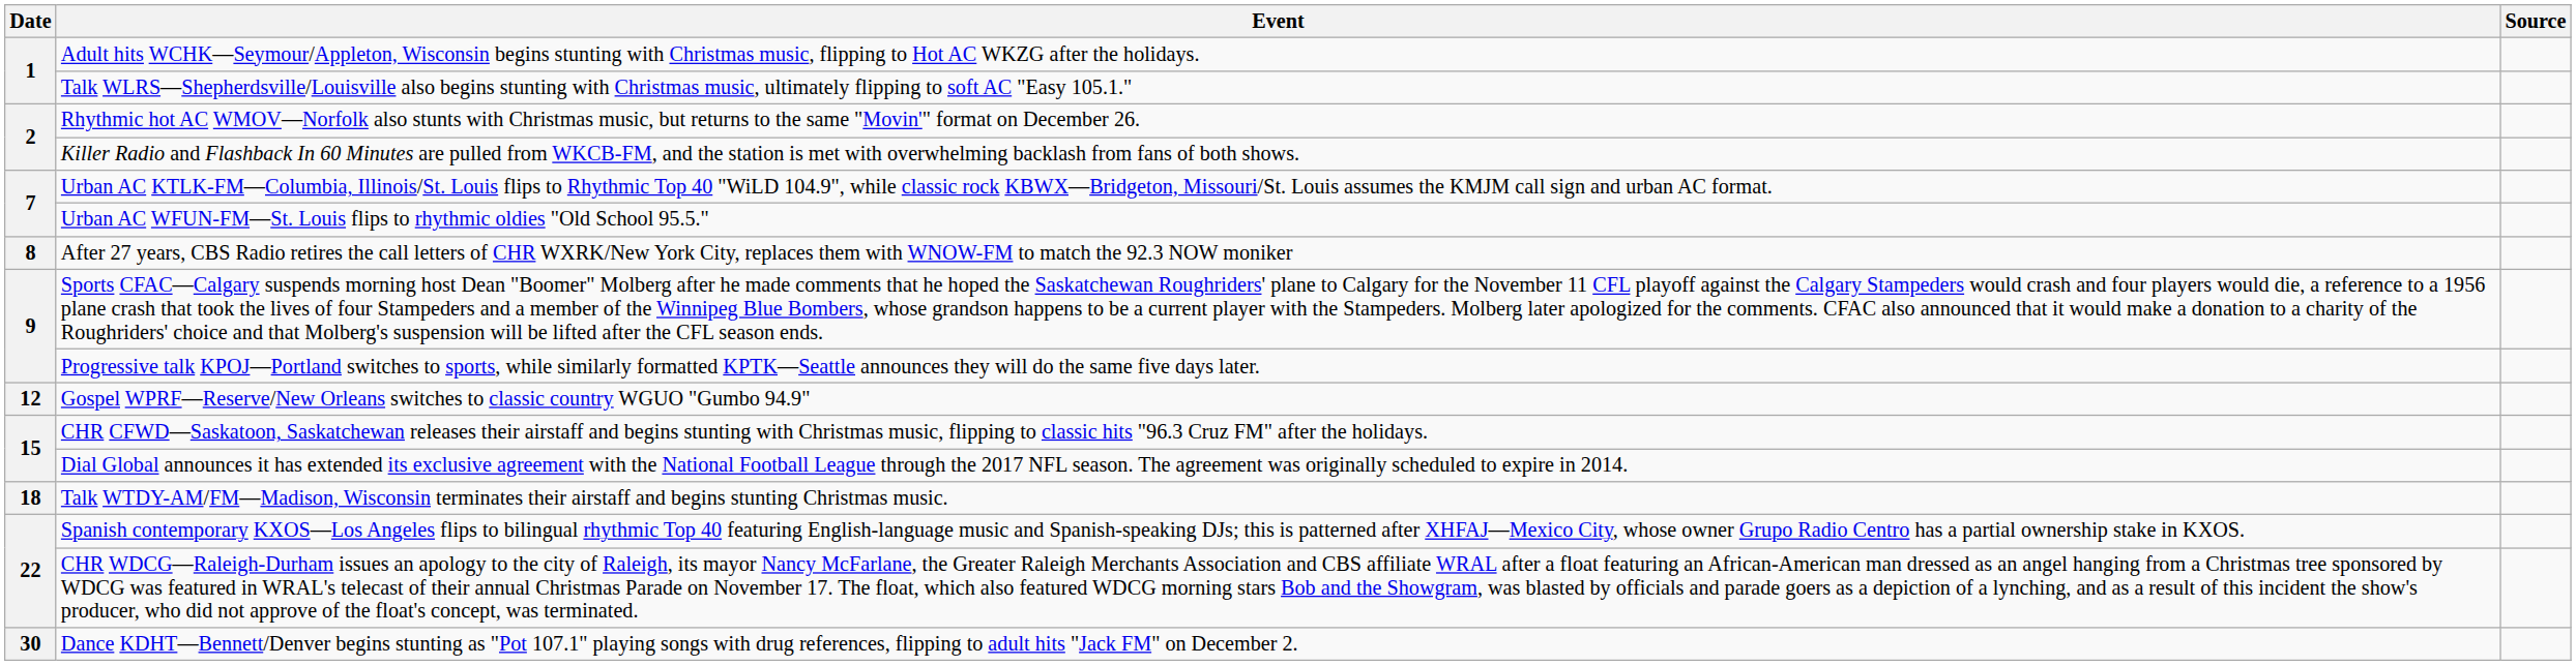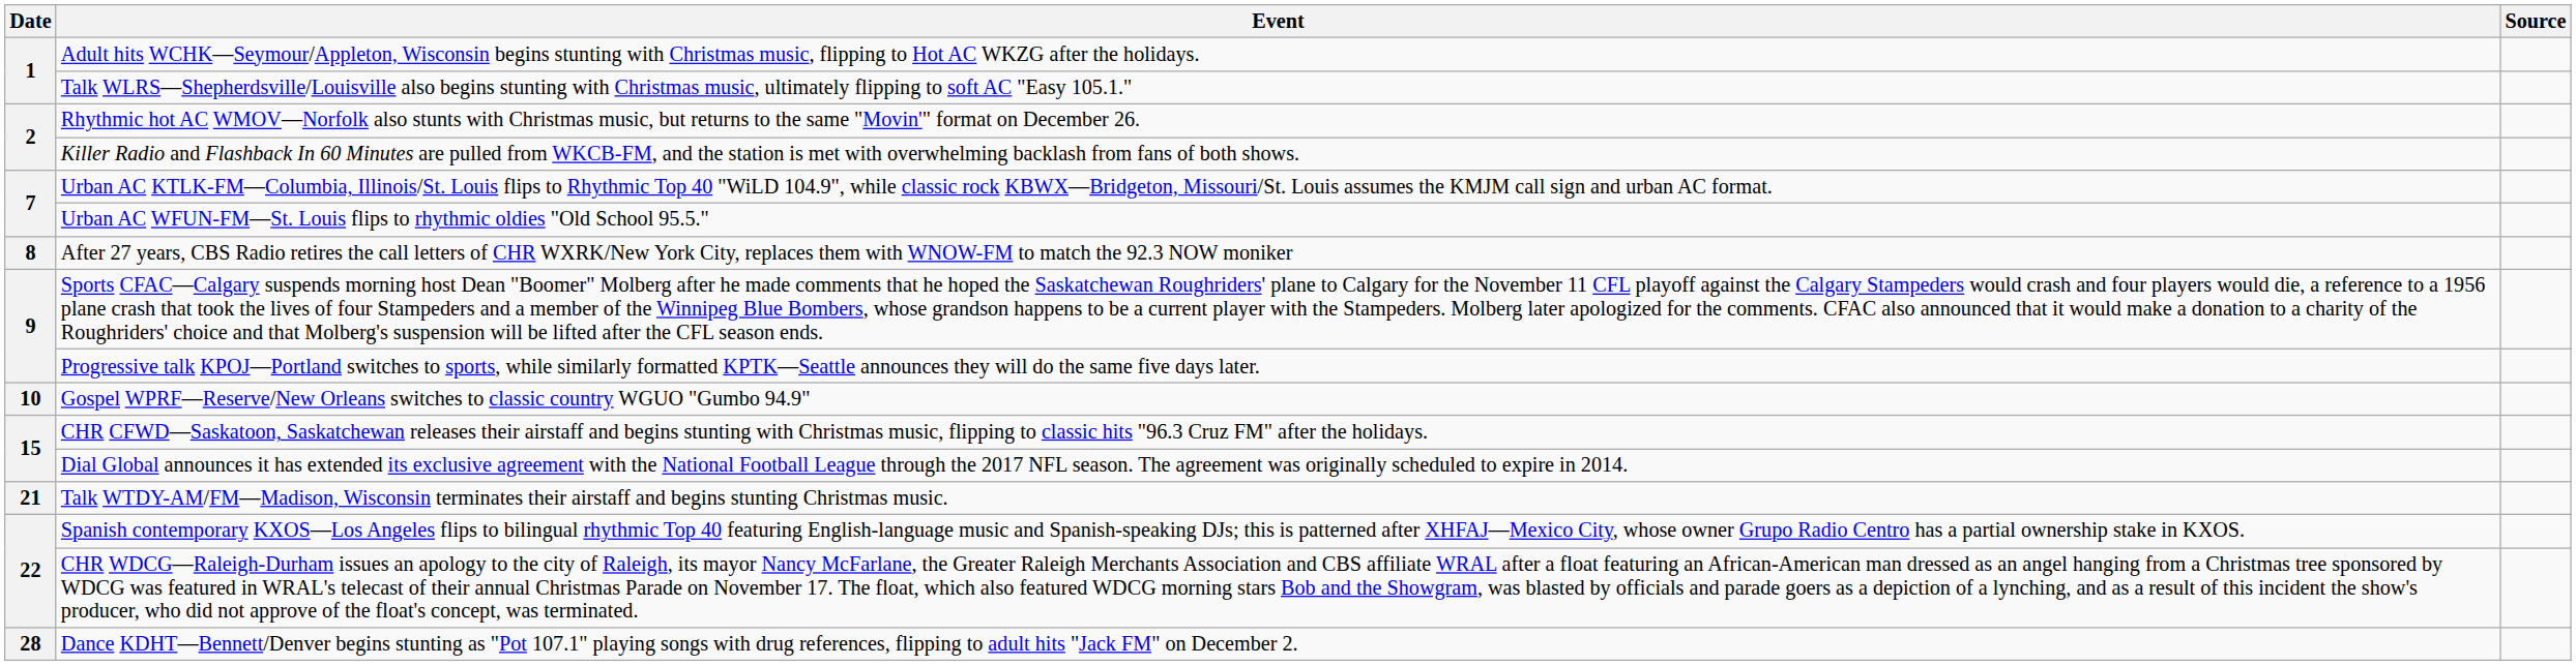 <table class=wikitable>
 <tr>
 <th>Date</th>
 <th>Event</th>
 <th>Source</th>
 </tr>
 <tr>
 <th rowspan="2">1</th>
 <td><a href='#'>Adult hits</a> <a href='#'>WCHK</a>—<a href='#'>Seymour</a>/<a href='#'>Appleton, Wisconsin</a> begins stunting with <a href='#'>Christmas music</a>, flipping to <a href='#'>Hot AC</a> WKZG after the holidays.</td>
 <td></td>
 </tr>
 <tr>
 <td><a href='#'>Talk</a> <a href='#'>WLRS</a>—<a href='#'>Shepherdsville</a>/<a href='#'>Louisville</a> also begins stunting with <a href='#'>Christmas music</a>, ultimately flipping to <a href='#'>soft AC</a> "Easy 105.1."</td>
 <td></td>
 </tr>
 <tr>
 <th rowspan="2">2</th>
 <td><a href='#'>Rhythmic hot AC</a> <a href='#'>WMOV</a>—<a href='#'>Norfolk</a> also stunts with Christmas music, but returns to the same "<a href='#'>Movin'</a>" format on December 26.</td>
 <td></td>
 </tr>
 <tr>
 <td><em>Killer Radio</em> and <em>Flashback In 60 Minutes</em> are pulled from <a href='#'>WKCB-FM</a>, and the station is met with overwhelming backlash from fans of both shows.</td>
 <td></td>
 </tr>
 <tr>
 <th rowspan="2">7</th>
 <td><a href='#'>Urban AC</a> <a href='#'>KTLK-FM</a>—<a href='#'>Columbia, Illinois</a>/<a href='#'>St. Louis</a> flips to <a href='#'>Rhythmic Top 40</a> "WiLD 104.9", while <a href='#'>classic rock</a> <a href='#'>KBWX</a>—<a href='#'>Bridgeton, Missouri</a>/St. Louis assumes the KMJM call sign and urban AC format.</td>
 <td></td>
 </tr>
 <tr>
 <td><a href='#'>Urban AC</a> <a href='#'>WFUN-FM</a>—<a href='#'>St. Louis</a> flips to <a href='#'>rhythmic oldies</a> "Old School 95.5."</td>
 <td></td>
 </tr>
 <tr>
 <th>8</th>
 <td>After 27 years, CBS Radio retires the call letters of <a href='#'>CHR</a> WXRK/New York City, replaces them with <a href='#'>WNOW-FM</a> to match the 92.3 NOW moniker</td>
 <td></td>
 </tr>
 <tr>
 <th rowspan="2">9</th>
 <td><a href='#'>Sports</a> <a href='#'>CFAC</a>—<a href='#'>Calgary</a> suspends morning host Dean "Boomer" Molberg after he made comments that he hoped the <a href='#'>Saskatchewan Roughriders</a>' plane to Calgary for the November 11 <a href='#'>CFL</a> playoff against the <a href='#'>Calgary Stampeders</a> would crash and four players would die, a reference to a 1956 plane crash that took the lives of four Stampeders and a member of the <a href='#'>Winnipeg Blue Bombers</a>, whose grandson happens to be a current player with the Stampeders. Molberg later apologized for the comments. CFAC also announced that it would make a donation to a charity of the Roughriders' choice and that Molberg's suspension will be lifted after the CFL season ends.</td>
 <td></td>
 </tr>
 <tr>
 <td><a href='#'>Progressive talk</a> <a href='#'>KPOJ</a>—<a href='#'>Portland</a> switches to <a href='#'>sports</a>, while similarly formatted <a href='#'>KPTK</a>—<a href='#'>Seattle</a> announces they will do the same five days later.</td>
 <td></td>
 </tr>
 <tr>
-<th>12</th>
+<th>10</th>
 <td><a href='#'>Gospel</a> <a href='#'>WPRF</a>—<a href='#'>Reserve</a>/<a href='#'>New Orleans</a> switches to <a href='#'>classic country</a> WGUO "Gumbo 94.9"</td>
 <td></td>
 </tr>
 <tr>
 <th rowspan="2">15</th>
 <td><a href='#'>CHR</a> <a href='#'>CFWD</a>—<a href='#'>Saskatoon, Saskatchewan</a> releases their airstaff and begins stunting with Christmas music, flipping to <a href='#'>classic hits</a> "96.3 Cruz FM" after the holidays.</td>
 <td></td>
 </tr>
 <tr>
 <td><a href='#'>Dial Global</a> announces it has extended <a href='#'>its exclusive agreement</a> with the <a href='#'>National Football League</a> through the 2017 NFL season. The agreement was originally scheduled to expire in 2014.</td>
 <td></td>
 </tr>
 <tr>
-<th>18</th>
+<th>21</th>
 <td><a href='#'>Talk</a> <a href='#'>WTDY-AM</a>/<a href='#'>FM</a>—<a href='#'>Madison, Wisconsin</a> terminates their airstaff and begins stunting Christmas music.</td>
 <td></td>
 </tr>
 <tr>
 <th rowspan="2">22</th>
 <td><a href='#'>Spanish contemporary</a> <a href='#'>KXOS</a>—<a href='#'>Los Angeles</a> flips to bilingual <a href='#'>rhythmic Top 40</a> featuring English-language music and Spanish-speaking DJs; this is patterned after <a href='#'>XHFAJ</a>—<a href='#'>Mexico City</a>, whose owner <a href='#'>Grupo Radio Centro</a> has a partial ownership stake in KXOS.</td>
 <td></td>
 </tr>
 <tr>
 <td><a href='#'>CHR</a> <a href='#'>WDCG</a>—<a href='#'>Raleigh-Durham</a> issues an apology to the city of <a href='#'>Raleigh</a>, its mayor <a href='#'>Nancy McFarlane</a>, the Greater Raleigh Merchants Association and CBS affiliate <a href='#'>WRAL</a> after a float featuring an African-American man dressed as an angel hanging from a Christmas tree sponsored by WDCG was featured in WRAL's telecast of their annual Christmas Parade on November 17. The float, which also featured WDCG morning stars <a href='#'>Bob and the Showgram</a>, was blasted by officials and parade goers as a depiction of a lynching, and as a result of this incident the show's producer, who did not approve of the float's concept, was terminated.</td>
 <td></td>
 </tr>
 <tr>
-<th>30</th>
+<th>28</th>
 <td><a href='#'>Dance</a> <a href='#'>KDHT</a>—<a href='#'>Bennett</a>/Denver begins stunting as "<a href='#'>Pot</a> 107.1" playing songs with drug references, flipping to <a href='#'>adult hits</a> "<a href='#'>Jack FM</a>" on December 2.</td>
 <td></td>
 </tr>
 </table>
